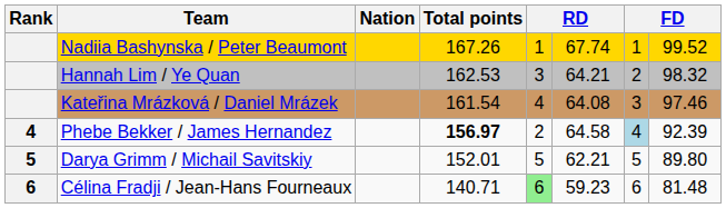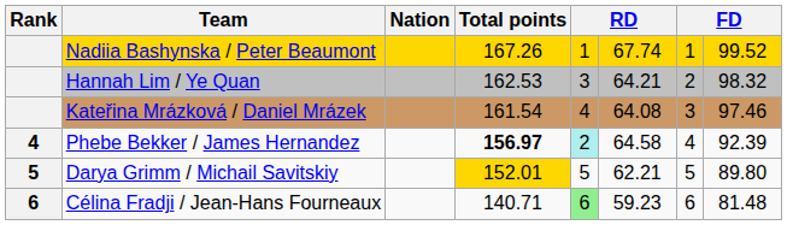 <table class="wikitable sortable" style="text-align:left">
 <tr>
 <th scope="col">Rank</th>
 <th scope="col">Team</th>
 <th scope="col">Nation</th>
 <th scope="col">Total points</th>
 <th scope="col" colspan="2" width="80px"><a href='#'>RD</a></th>
 <th scope="col" colspan="2" width="80px"><a href='#'>FD</a></th>
 </tr>
 <tr bgcolor="gold">
 <th scope="row"></th>
 <td><a href='#'>Nadiia Bashynska</a> / <a href='#'>Peter Beaumont</a></td>
 <td></td>
 <td align="center">167.26</td>
 <td align="center">1</td>
 <td align="center">67.74</td>
 <td align="center">1</td>
 <td align="center">99.52</td>
 </tr>
 <tr bgcolor="silver">
 <th scope="row"></th>
 <td><a href='#'>Hannah Lim</a> / <a href='#'>Ye Quan</a></td>
 <td></td>
 <td align="center">162.53</td>
 <td align="center">3</td>
 <td align="center">64.21</td>
 <td align="center">2</td>
 <td align="center">98.32</td>
 </tr>
 <tr bgcolor="cc9966">
 <th scope="row"></th>
 <td><a href='#'>Kateřina Mrázková</a> / <a href='#'>Daniel Mrázek</a></td>
 <td></td>
 <td align="center">161.54</td>
 <td align="center">4</td>
 <td align="center">64.08</td>
 <td align="center">3</td>
 <td align="center">97.46</td>
 </tr>
 <tr>
 <th scope="row">4</th>
 <td><a href='#'>Phebe Bekker</a> / <a href='#'>James Hernandez</a></td>
 <td></td>
 <td align="center"><strong>156.97</strong></td>
-<td align="center">2</td>
+<td align="center" style="background: paleturquoise;">2</td>
 <td align="center">64.58</td>
-<td align="center" style="background: lightblue;">4</td>
+<td align="center">4</td>
 <td align="center">92.39</td>
 </tr>
 <tr>
 <th scope="row">5</th>
 <td><a href='#'>Darya Grimm</a> / <a href='#'>Michail Savitskiy</a></td>
 <td></td>
-<td align="center">152.01</td>
+<td align="center" style="background: gold;">152.01</td>
 <td align="center">5</td>
 <td align="center">62.21</td>
 <td align="center">5</td>
 <td align="center">89.80</td>
 </tr>
 <tr>
 <th scope="row">6</th>
 <td><a href='#'>Célina Fradji</a> / Jean-Hans Fourneaux</td>
 <td></td>
 <td align="center">140.71</td>
 <td align="center" style="background: lightgreen;">6</td>
 <td align="center">59.23</td>
 <td align="center">6</td>
 <td align="center">81.48</td>
 </tr>
 </table>
